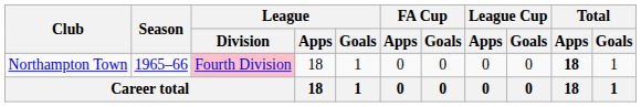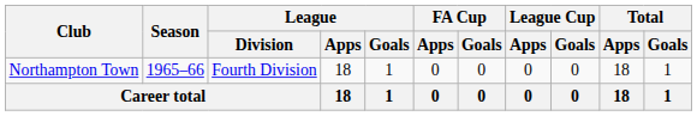 <table class="wikitable" style="text-align: center;">
 <tr>
 <th rowspan="2">Club</th>
 <th rowspan="2">Season</th>
 <th colspan="3">League</th>
 <th colspan="2">FA Cup</th>
 <th colspan="2">League Cup</th>
 <th colspan="2">Total</th>
 </tr>
 <tr>
 <th>Division</th>
 <th>Apps</th>
 <th>Goals</th>
 <th>Apps</th>
 <th>Goals</th>
 <th>Apps</th>
 <th>Goals</th>
 <th>Apps</th>
 <th>Goals</th>
 </tr>
 <tr>
 <td><a href='#'>Northampton Town</a></td>
 <td><a href='#'>1965–66</a></td>
-<td style="background: pink;"><a href='#'>Fourth Division</a></td>
+<td><a href='#'>Fourth Division</a></td>
 <td>18</td>
 <td>1</td>
 <td>0</td>
 <td>0</td>
 <td>0</td>
 <td>0</td>
-<td><strong>18</strong></td>
+<td>18</td>
 <td>1</td>
 </tr>
 <tr>
 <th colspan="3">Career total</th>
 <th>18</th>
 <th>1</th>
 <th>0</th>
 <th>0</th>
 <th>0</th>
 <th>0</th>
 <th>18</th>
 <th>1</th>
 </tr>
 </table>
